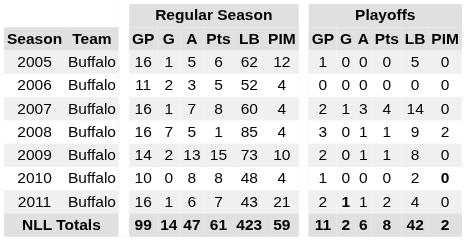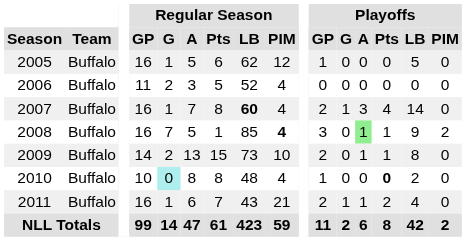 <table BORDER="0" CELLPADDING="3" CELLSPACING="0">
 <tr ALIGN="center" bgcolor="#e0e0e0">
 <th colspan="2" bgcolor="#ffffff"> </th>
 <th rowspan="99" bgcolor="#ffffff"> </th>
 <th colspan="6">Regular Season</th>
 <th rowspan="99" bgcolor="#ffffff"> </th>
 <th colspan="6">Playoffs</th>
 </tr>
 <tr ALIGN="center" bgcolor="#e0e0e0">
 <th>Season</th>
 <th>Team</th>
 <th>GP</th>
 <th>G</th>
 <th>A</th>
 <th>Pts</th>
 <th>LB</th>
 <th>PIM</th>
 <th>GP</th>
 <th>G</th>
 <th>A</th>
 <th>Pts</th>
 <th>LB</th>
 <th>PIM</th>
 </tr>
 <tr ALIGN="center" bgcolor="#f0f0f0">
 <td>2005</td>
 <td>Buffalo</td>
 <td>16</td>
 <td>1</td>
 <td>5</td>
 <td>6</td>
 <td>62</td>
 <td>12</td>
 <td>1</td>
 <td>0</td>
 <td>0</td>
 <td>0</td>
 <td>5</td>
 <td>0</td>
 </tr>
 <tr ALIGN="center">
 <td>2006</td>
 <td>Buffalo</td>
 <td>11</td>
 <td>2</td>
 <td>3</td>
 <td>5</td>
 <td>52</td>
 <td>4</td>
 <td>0</td>
 <td>0</td>
 <td>0</td>
 <td>0</td>
 <td>0</td>
 <td>0</td>
 </tr>
 <tr ALIGN="center" bgcolor="#f0f0f0">
 <td>2007</td>
 <td>Buffalo</td>
 <td>16</td>
 <td>1</td>
 <td>7</td>
 <td>8</td>
-<td>60</td>
+<td><strong>60</strong></td>
 <td>4</td>
 <td>2</td>
 <td>1</td>
 <td>3</td>
 <td>4</td>
 <td>14</td>
 <td>0</td>
 </tr>
 <tr ALIGN="center">
 <td>2008</td>
 <td>Buffalo</td>
 <td>16</td>
 <td>7</td>
 <td>5</td>
 <td>1</td>
 <td>85</td>
-<td>4</td>
+<td><strong>4</strong></td>
 <td>3</td>
 <td>0</td>
-<td>1</td>
+<td style="background: lightgreen;">1</td>
 <td>1</td>
 <td>9</td>
 <td>2</td>
 </tr>
 <tr ALIGN="center" bgcolor="#f0f0f0">
 <td>2009</td>
 <td>Buffalo</td>
 <td>14</td>
 <td>2</td>
 <td>13</td>
 <td>15</td>
 <td>73</td>
 <td>10</td>
 <td>2</td>
 <td>0</td>
 <td>1</td>
 <td>1</td>
 <td>8</td>
 <td>0</td>
 </tr>
 <tr ALIGN="center">
 <td>2010</td>
 <td>Buffalo</td>
 <td>10</td>
-<td>0</td>
+<td style="background: paleturquoise;">0</td>
 <td>8</td>
 <td>8</td>
 <td>48</td>
 <td>4</td>
 <td>1</td>
 <td>0</td>
 <td>0</td>
+<td><strong>0</strong></td>
+<td>2</td>
 <td>0</td>
-<td>2</td>
-<td><strong>0</strong></td>
 </tr>
 <tr ALIGN="center" bgcolor="#f0f0f0">
 <td>2011</td>
 <td>Buffalo</td>
 <td>16</td>
 <td>1</td>
 <td>6</td>
 <td>7</td>
 <td>43</td>
 <td>21</td>
 <td>2</td>
-<td><strong>1</strong></td>
+<td>1</td>
 <td>1</td>
 <td>2</td>
 <td>4</td>
 <td>0</td>
 </tr>
 <tr ALIGN="center" bgcolor="#e0e0e0">
 <th colspan="2">NLL Totals</th>
 <th>99</th>
 <th>14</th>
 <th>47</th>
 <th>61</th>
 <th>423</th>
 <th>59</th>
 <th>11</th>
 <th>2</th>
 <th>6</th>
 <th>8</th>
 <th>42</th>
 <th>2</th>
 </tr>
 </table>
